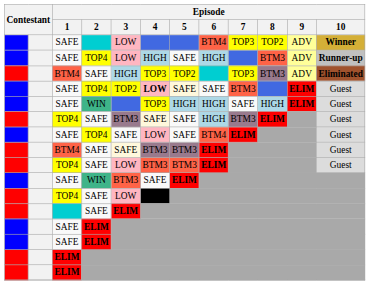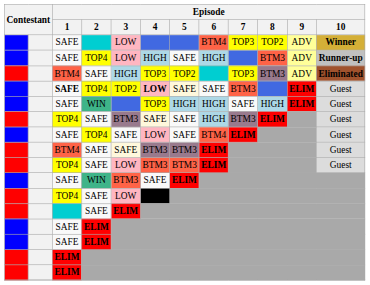 <table class="wikitable" style="text-align:center;font-size:96%">
 <tr>
 <th rowspan=2 colspan=2>Contestant</th>
 <th colspan=10>Episode</th>
 </tr>
 <tr>
 <th>1</th>
 <th>2</th>
 <th>3</th>
 <th>4</th>
 <th>5</th>
 <th>6</th>
 <th>7</th>
 <th>8</th>
 <th>9</th>
 <th>10</th>
 </tr>
 <tr>
 <td style="background:blue"></td>
 <th></th>
 <td>SAFE</td>
 <td style="background:#00CED1"><strong></strong></td>
 <td style="background:lightpink">LOW</td>
 <td style="background:royalblue;"><strong></strong></td>
 <td style="background:royalblue;"><strong></strong></td>
 <td style="background:tomato;">BTM4</td>
 <td style="background:yellow">TOP3</td>
 <td style="background:yellow">TOP2</td>
 <td style="background:#FFFF99;">ADV</td>
 <td style="background: #D4AF37" nowrap><strong>Winner</strong></td>
 </tr>
 <tr>
 <td style="background:blue"></td>
 <th></th>
 <td>SAFE</td>
 <td style="background:yellow">TOP4</td>
 <td style="background:lightpink">LOW</td>
 <td style="background:lightblue">HIGH</td>
 <td>SAFE</td>
 <td style="background:lightblue">HIGH</td>
 <td style="background:royalblue"><strong></strong></td>
 <td style="background:tomato;">BTM3</td>
 <td style="background:#FFFF99;">ADV</td>
 <td style="background:silver" nowrap><strong>Runner-up</strong></td>
 </tr>
 <tr>
 <td style="background:red"></td>
 <th></th>
 <td style="background:tomato;">BTM4</td>
 <td>SAFE</td>
 <td style="background:lightblue">HIGH</td>
 <td style="background:yellow">TOP3</td>
 <td style="background:yellow">TOP2</td>
 <td style="background:#00CED1"><strong></strong></td>
 <td style="background:yellow">TOP3</td>
 <td style="background:#997A8D">BTM3</td>
 <td style="background:#FFFF99;">ADV</td>
 <td style="background:sienna;"><strong>Eliminated</strong></td>
 </tr>
 <tr>
 <td style="background:blue"></td>
 <th></th>
-<td>SAFE</td>
+<td><strong>SAFE</strong></td>
 <td style="background:yellow">TOP4</td>
 <td style="background:yellow">TOP2</td>
 <td style="background:lightpink"><strong>LOW</strong></td>
 <td style="background:cornsilk">SAFE</td>
 <td>SAFE</td>
 <td style="background:tomato;">BTM3</td>
 <td style="background:royalblue;"><strong></strong></td>
 <td style="background:red;"><strong>ELIM</strong></td>
 <td bgcolor="gainsboro">Guest</td>
 </tr>
 <tr>
 <td style="background:blue"></td>
 <th></th>
 <td>SAFE</td>
 <td style="background:#3EB489;">WIN</td>
 <td style="background:royalblue;"><strong></strong></td>
 <td style="background:yellow">TOP3</td>
 <td style="background:lightblue">HIGH</td>
 <td style="background:lightblue">HIGH</td>
 <td>SAFE</td>
 <td style="background:lightblue">HIGH</td>
 <td style="background:red;"><strong>ELIM</strong></td>
 <td bgcolor="gainsboro">Guest</td>
 </tr>
 <tr>
 <td style="background:red"></td>
 <th></th>
 <td style="background:yellow">TOP4</td>
 <td>SAFE</td>
 <td style="background:#997A8D">BTM3</td>
 <td style="background:cornsilk">SAFE</td>
 <td>SAFE</td>
 <td style="background:lightblue">HIGH</td>
 <td style="background:#997A8D">BTM3</td>
 <td style="background:red;"><strong>ELIM</strong></td>
 <td bgcolor="darkgray" colspan="1"></td>
 <td bgcolor="gainsboro">Guest</td>
 </tr>
 <tr>
 <td style="background:blue"></td>
 <th></th>
 <td>SAFE</td>
 <td style="background:yellow">TOP4</td>
 <td>SAFE</td>
 <td style="background:lightpink">LOW</td>
 <td>SAFE</td>
 <td style="background:tomato;">BTM4</td>
 <td style="background:red;"><strong>ELIM</strong></td>
 <td bgcolor="darkgray" colspan="2"></td>
 <td bgcolor="gainsboro">Guest</td>
 </tr>
 <tr>
 <td style="background:red"></td>
 <th></th>
 <td style="background:tomato;">BTM4</td>
 <td>SAFE</td>
 <td style="background:cornsilk">SAFE</td>
 <td style="background:#997A8D">BTM3</td>
 <td style="background:#997A8D">BTM3</td>
 <td style="background:red;"><strong>ELIM</strong></td>
 <td bgcolor="darkgray" colspan="3"></td>
 <td bgcolor="gainsboro">Guest</td>
 </tr>
 <tr>
 <td style="background:red"></td>
 <th></th>
 <td style="background:yellow">TOP4</td>
 <td>SAFE</td>
 <td style="background:lightpink">LOW</td>
 <td style="background:tomato;">BTM3</td>
 <td style="background:tomato;">BTM3</td>
 <td style="background:red;"><strong>ELIM</strong></td>
 <td bgcolor="darkgray" colspan="3"></td>
 <td bgcolor="gainsboro">Guest</td>
 </tr>
 <tr>
 <td style="background:blue"></td>
 <th></th>
 <td>SAFE</td>
 <td style="background:#3EB489;">WIN</td>
 <td style="background:tomato;">BTM3</td>
 <td>SAFE</td>
 <td style="background:red;"><strong>ELIM</strong></td>
 <td bgcolor="darkgray" colspan="5"></td>
 </tr>
 <tr>
 <td style="background:red"></td>
 <th></th>
 <td style="background:yellow">TOP4</td>
 <td>SAFE</td>
 <td style="background:lightpink">LOW</td>
 <td style="background:black;"></td>
 <td bgcolor="darkgray" colspan="6"></td>
 </tr>
 <tr>
 <td style="background:red"></td>
 <th></th>
 <td style="background:#00CED1"><strong></strong></td>
 <td>SAFE</td>
 <td style="background:red;"><strong>ELIM</strong></td>
 <td bgcolor="darkgray" colspan="7"></td>
 </tr>
 <tr>
 <td style="background:blue"></td>
 <th></th>
 <td>SAFE</td>
 <td style="background:red;"><strong>ELIM</strong></td>
 <td bgcolor="darkgray" colspan="8"></td>
 </tr>
 <tr>
 <td style="background:blue"></td>
 <th></th>
 <td>SAFE</td>
 <td style="background:red;"><strong>ELIM</strong></td>
 <td bgcolor="darkgray" colspan="8"></td>
 </tr>
 <tr>
 <td style="background:red"></td>
 <th></th>
 <td style="background:red;"><strong>ELIM</strong></td>
 <td bgcolor="darkgray" colspan="9"></td>
 </tr>
 <tr>
 <td style="background:red"></td>
 <th></th>
 <td style="background:red;"><strong>ELIM</strong></td>
 <td bgcolor="darkgray" colspan="9"></td>
 </tr>
 <tr>
 </tr>
 </table>
